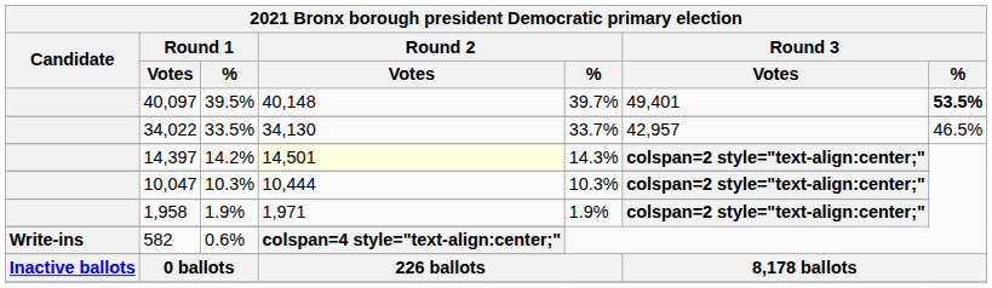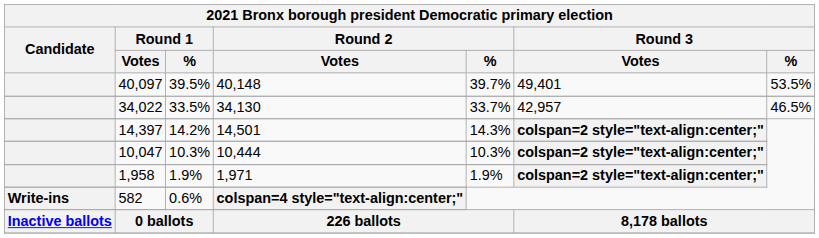 <table class="wikitable sortable">
 <tr>
 <th colspan=" 7 ">2021 Bronx borough president Democratic primary election </th>
 </tr>
 <tr style="background:#eee; text-align:center;">
 <th rowspan=2 style="text-align:center;">Candidate</th>
 <th colspan=2 style="text-align:center;">Round 1</th>
 <th colspan=2 style="text-align:center;">Round 2</th>
 <th colspan=2 style="text-align:center;">Round 3</th>
 </tr>
 <tr>
 <th>Votes</th>
 <th>%</th>
 <th>Votes</th>
 <th>%</th>
 <th>Votes</th>
 <th>%</th>
 </tr>
 <tr>
 <th scope="row" style="text-align:left;"></th>
 <td>40,097</td>
 <td>39.5%</td>
 <td>40,148</td>
 <td>39.7%</td>
 <td> 49,401</td>
-<td><strong> 53.5%</strong></td>
+<td> 53.5%</td>
 </tr>
 <tr>
 </tr>
 <tr>
 <th scope="row" style="text-align:left;"></th>
 <td>34,022</td>
 <td>33.5%</td>
 <td>34,130</td>
 <td>33.7%</td>
 <td>42,957</td>
 <td>46.5%</td>
 </tr>
 <tr>
 </tr>
 <tr>
 <th scope="row" style="text-align:left;"></th>
 <td>14,397</td>
 <td>14.2%</td>
-<td style="background: lightyellow;">14,501</td>
+<td>14,501</td>
 <td>14.3%</td>
 <th>colspan=2 style="text-align:center;" </th>
 </tr>
 <tr>
 </tr>
 <tr>
 <th scope="row" style="text-align:left;"></th>
 <td>10,047</td>
 <td>10.3%</td>
 <td>10,444</td>
 <td>10.3%</td>
 <th>colspan=2 style="text-align:center;" </th>
 </tr>
 <tr>
 </tr>
 <tr>
 <th scope="row" style="text-align:left;"></th>
 <td>1,958</td>
 <td>1.9%</td>
 <td>1,971</td>
 <td>1.9%</td>
 <th>colspan=2 style="text-align:center;" </th>
 </tr>
 <tr>
 </tr>
 <tr>
 <th scope="row" style="text-align:left;">Write-ins</th>
 <td>582</td>
 <td>0.6%</td>
 <th>colspan=4 style="text-align:center;" </th>
 </tr>
 <tr>
 </tr>
 <tr>
 <th scope="row" style="text-align:left;"><a href='#'>Inactive ballots</a></th>
 <th colspan="2">0 ballots</th>
 <th colspan="2">226 ballots</th>
 <th colspan="2">8,178 ballots</th>
 </tr>
 <tr>
 </tr>
 </table>
